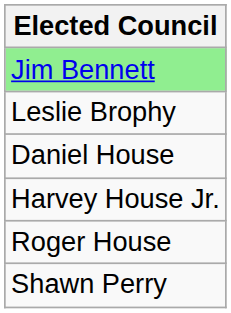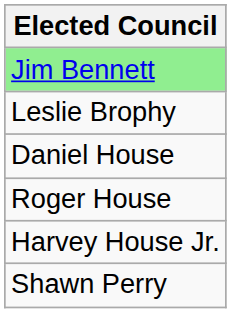 <table class="wikitable">
 <tr>
 <th>Elected Council</th>
 </tr>
 <tr>
 <td style="background: lightgreen;"><a href='#'>Jim Bennett</a></td>
 </tr>
 <tr>
 <td>Leslie Brophy</td>
 </tr>
 <tr>
 <td>Daniel House</td>
 </tr>
 <tr>
-<td>Harvey House Jr.</td>
+<td>Roger House</td>
 </tr>
 <tr>
-<td>Roger House</td>
+<td>Harvey House Jr.</td>
 </tr>
 <tr>
 <td>Shawn Perry</td>
 </tr>
 </table>
